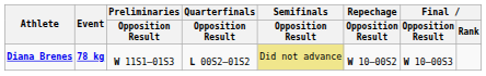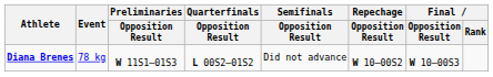 <table class="wikitable" style="font-size:90%">
 <tr>
 <th rowspan=2>Athlete</th>
 <th rowspan=2>Event</th>
 <th>Preliminaries</th>
 <th>Quarterfinals</th>
 <th>Semifinals</th>
 <th>Repechage</th>
 <th colspan=2>Final / </th>
 </tr>
 <tr style="font-size:95%">
 <th>Opposition<br>Result</th>
 <th>Opposition<br>Result</th>
 <th>Opposition<br>Result</th>
 <th>Opposition<br>Result</th>
 <th>Opposition<br>Result</th>
 <th>Rank</th>
 </tr>
 <tr align=center>
 <td align=left><strong><a href='#'>Diana Brenes</a></strong></td>
-<td align=left><strong><a href='#'>78 kg</a></strong></td>
+<td align=left><a href='#'>78 kg</a></td>
 <td><br><strong>W</strong> 11S1–01S3</td>
 <td><br><strong>L</strong> 00S2–01S2</td>
-<td style="background: khaki;">Did not advance</td>
+<td>Did not advance</td>
 <td><br><strong>W</strong> 10–00S2</td>
 <td><br><strong>W</strong> 10–00S3</td>
 <td></td>
 </tr>
 </table>
